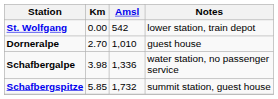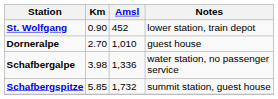 <table class="wikitable sortable">
 <tr>
 <th width="120px">Station</th>
 <th width="30px">Km</th>
 <th width="50px"><a href='#'>Amsl</a></th>
 <th width="200px">Notes</th>
 </tr>
 <tr>
 <td><strong><a href='#'>St. Wolfgang</a></strong></td>
-<td><div>0.00</div></td>
-<td><div>542</div></td>
+<td><div>0.90</div></td>
+<td><div>452</div></td>
 <td>lower station, train depot</td>
 </tr>
 <tr>
 <td><strong>Dorneralpe</strong></td>
 <td><div>2.70</div></td>
 <td><div>1,010</div></td>
 <td>guest house</td>
 </tr>
 <tr>
 <td><strong>Schafbergalpe</strong></td>
 <td><div>3.98</div></td>
 <td><div>1,336</div></td>
 <td>water station, no passenger service</td>
 </tr>
 <tr>
 <td><strong><a href='#'>Schafbergspitze</a></strong></td>
 <td><div>5.85</div></td>
 <td><div>1,732</div></td>
 <td>summit station, guest house</td>
 </tr>
 <tr>
 </tr>
 </table>
